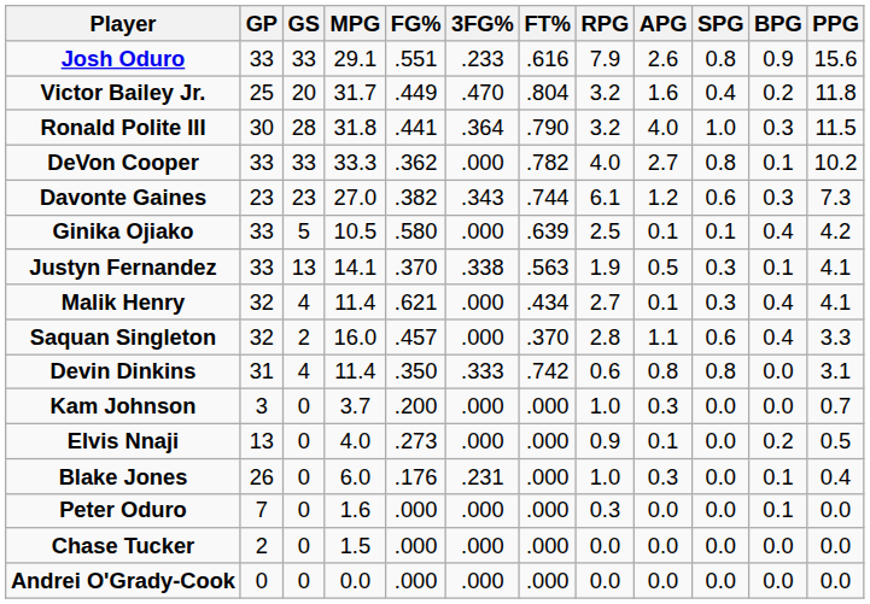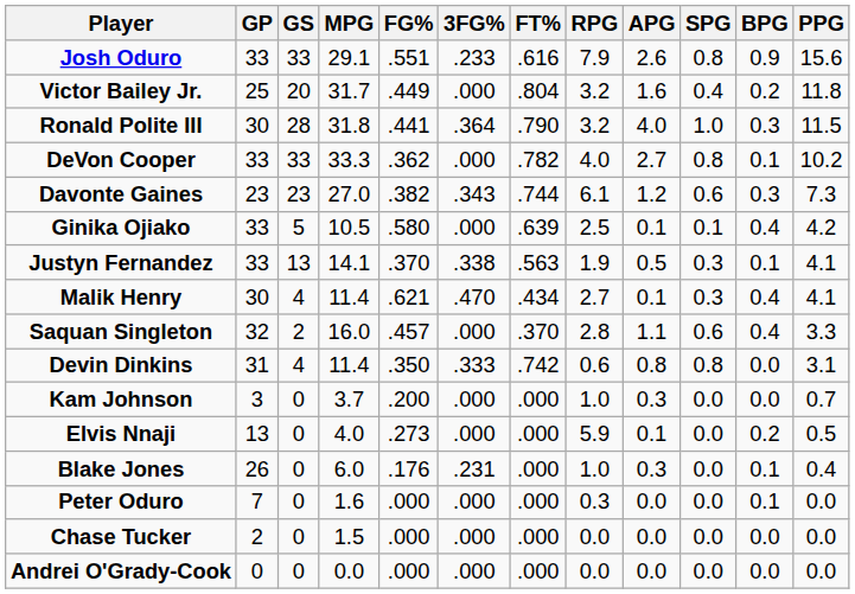 <table class="wikitable sortable" style="font-size: 90%">
 <tr>
 <th>Player</th>
 <th>GP</th>
 <th>GS</th>
 <th>MPG</th>
 <th>FG%</th>
 <th>3FG%</th>
 <th>FT%</th>
 <th>RPG</th>
 <th>APG</th>
 <th>SPG</th>
 <th>BPG</th>
 <th>PPG</th>
 </tr>
 <tr align="center" bgcolor="">
 <td><strong><a href='#'>Josh Oduro</a></strong></td>
 <td>33</td>
 <td>33</td>
 <td>29.1</td>
 <td>.551</td>
 <td>.233</td>
 <td>.616</td>
 <td>7.9</td>
 <td>2.6</td>
 <td>0.8</td>
 <td>0.9</td>
 <td>15.6</td>
 </tr>
 <tr align="center" bgcolor="">
 <td><strong>Victor Bailey Jr.</strong></td>
 <td>25</td>
 <td>20</td>
 <td>31.7</td>
 <td>.449</td>
-<td>.470</td>
+<td>.000</td>
 <td>.804</td>
 <td>3.2</td>
 <td>1.6</td>
 <td>0.4</td>
 <td>0.2</td>
 <td>11.8</td>
 </tr>
 <tr align="center" bgcolor="">
 <td><strong>Ronald Polite III</strong></td>
 <td>30</td>
 <td>28</td>
 <td>31.8</td>
 <td>.441</td>
 <td>.364</td>
 <td>.790</td>
 <td>3.2</td>
 <td>4.0</td>
 <td>1.0</td>
 <td>0.3</td>
 <td>11.5</td>
 </tr>
 <tr align="center" bgcolor="">
 <td><strong>DeVon Cooper</strong></td>
 <td>33</td>
 <td>33</td>
 <td>33.3</td>
 <td>.362</td>
 <td>.000</td>
 <td>.782</td>
 <td>4.0</td>
 <td>2.7</td>
 <td>0.8</td>
 <td>0.1</td>
 <td>10.2</td>
 </tr>
 <tr align="center" bgcolor="">
 <td><strong>Davonte Gaines</strong></td>
 <td>23</td>
 <td>23</td>
 <td>27.0</td>
 <td>.382</td>
 <td>.343</td>
 <td>.744</td>
 <td>6.1</td>
 <td>1.2</td>
 <td>0.6</td>
 <td>0.3</td>
 <td>7.3</td>
 </tr>
 <tr align="center" bgcolor="">
 <td><strong>Ginika Ojiako</strong></td>
 <td>33</td>
 <td>5</td>
 <td>10.5</td>
 <td>.580</td>
 <td>.000</td>
 <td>.639</td>
 <td>2.5</td>
 <td>0.1</td>
 <td>0.1</td>
 <td>0.4</td>
 <td>4.2</td>
 </tr>
 <tr align="center" bgcolor="">
 <td><strong>Justyn Fernandez</strong></td>
 <td>33</td>
 <td>13</td>
 <td>14.1</td>
 <td>.370</td>
 <td>.338</td>
 <td>.563</td>
 <td>1.9</td>
 <td>0.5</td>
 <td>0.3</td>
 <td>0.1</td>
 <td>4.1</td>
 </tr>
 <tr align="center" bgcolor="">
 <td><strong>Malik Henry</strong></td>
-<td>32</td>
+<td>30</td>
 <td>4</td>
 <td>11.4</td>
 <td>.621</td>
-<td>.000</td>
+<td>.470</td>
 <td>.434</td>
 <td>2.7</td>
 <td>0.1</td>
 <td>0.3</td>
 <td>0.4</td>
 <td>4.1</td>
 </tr>
 <tr align="center" bgcolor="">
 <td><strong>Saquan Singleton</strong></td>
 <td>32</td>
 <td>2</td>
 <td>16.0</td>
 <td>.457</td>
 <td>.000</td>
 <td>.370</td>
 <td>2.8</td>
 <td>1.1</td>
 <td>0.6</td>
 <td>0.4</td>
 <td>3.3</td>
 </tr>
 <tr align="center" bgcolor="">
 <td><strong>Devin Dinkins</strong></td>
 <td>31</td>
 <td>4</td>
 <td>11.4</td>
 <td>.350</td>
 <td>.333</td>
 <td>.742</td>
 <td>0.6</td>
 <td>0.8</td>
 <td>0.8</td>
 <td>0.0</td>
 <td>3.1</td>
 </tr>
 <tr align="center" bgcolor="">
 <td><strong>Kam Johnson</strong></td>
 <td>3</td>
 <td>0</td>
 <td>3.7</td>
 <td>.200</td>
 <td>.000</td>
 <td>.000</td>
 <td>1.0</td>
 <td>0.3</td>
 <td>0.0</td>
 <td>0.0</td>
 <td>0.7</td>
 </tr>
 <tr align="center" bgcolor="">
 <td><strong>Elvis Nnaji</strong></td>
 <td>13</td>
 <td>0</td>
 <td>4.0</td>
 <td>.273</td>
 <td>.000</td>
 <td>.000</td>
-<td>0.9</td>
+<td>5.9</td>
 <td>0.1</td>
 <td>0.0</td>
 <td>0.2</td>
 <td>0.5</td>
 </tr>
 <tr align="center" bgcolor="">
 <td><strong>Blake Jones</strong></td>
 <td>26</td>
 <td>0</td>
 <td>6.0</td>
 <td>.176</td>
 <td>.231</td>
 <td>.000</td>
 <td>1.0</td>
 <td>0.3</td>
 <td>0.0</td>
 <td>0.1</td>
 <td>0.4</td>
 </tr>
 <tr align="center" bgcolor="">
 <td><strong>Peter Oduro</strong></td>
 <td>7</td>
 <td>0</td>
 <td>1.6</td>
 <td>.000</td>
 <td>.000</td>
 <td>.000</td>
 <td>0.3</td>
 <td>0.0</td>
 <td>0.0</td>
 <td>0.1</td>
 <td>0.0</td>
 </tr>
 <tr align="center" bgcolor="">
 <td><strong>Chase Tucker</strong></td>
 <td>2</td>
 <td>0</td>
 <td>1.5</td>
 <td>.000</td>
 <td>.000</td>
 <td>.000</td>
 <td>0.0</td>
 <td>0.0</td>
 <td>0.0</td>
 <td>0.0</td>
 <td>0.0</td>
 </tr>
 <tr align="center" bgcolor="">
 <td><strong>Andrei O'Grady-Cook</strong></td>
 <td>0</td>
 <td>0</td>
 <td>0.0</td>
 <td>.000</td>
 <td>.000</td>
 <td>.000</td>
 <td>0.0</td>
 <td>0.0</td>
 <td>0.0</td>
 <td>0.0</td>
 <td>0.0</td>
 </tr>
 </table>
